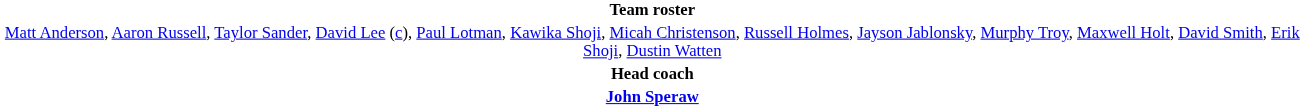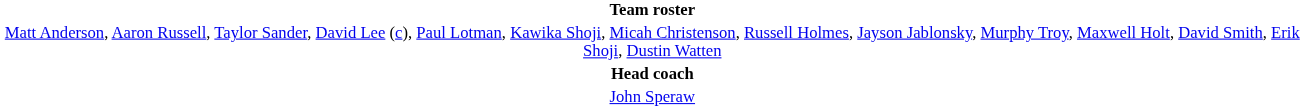 <table style="text-align:center; margin-top:2em; margin-left:auto; margin-right:auto">
 <tr>
 <td><strong>Team roster</strong></td>
 </tr>
 <tr>
 <td><a href='#'>Matt Anderson</a>, <a href='#'>Aaron Russell</a>, <a href='#'>Taylor Sander</a>, <a href='#'>David Lee</a> (<a href='#'>c</a>), <a href='#'>Paul Lotman</a>, <a href='#'>Kawika Shoji</a>, <a href='#'>Micah Christenson</a>, <a href='#'>Russell Holmes</a>, <a href='#'>Jayson Jablonsky</a>, <a href='#'>Murphy Troy</a>, <a href='#'>Maxwell Holt</a>, <a href='#'>David Smith</a>, <a href='#'>Erik Shoji</a>, <a href='#'>Dustin Watten</a></td>
 </tr>
 <tr>
 <td><strong>Head coach</strong></td>
 </tr>
 <tr>
-<td><strong><a href='#'>John Speraw</a></strong></td>
+<td><a href='#'>John Speraw</a></td>
 </tr>
 <tr>
 </tr>
 </table>
